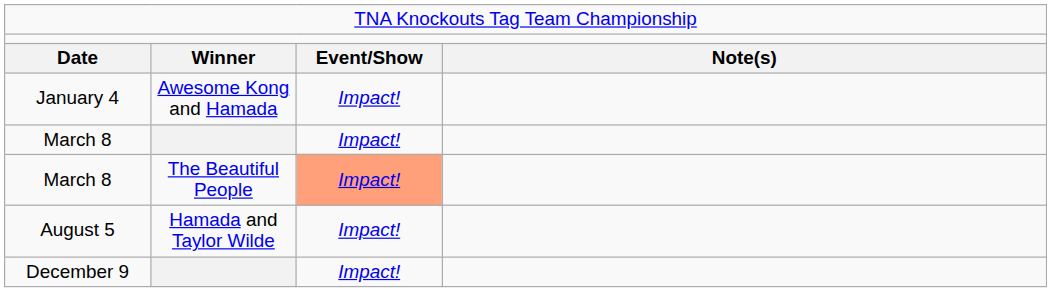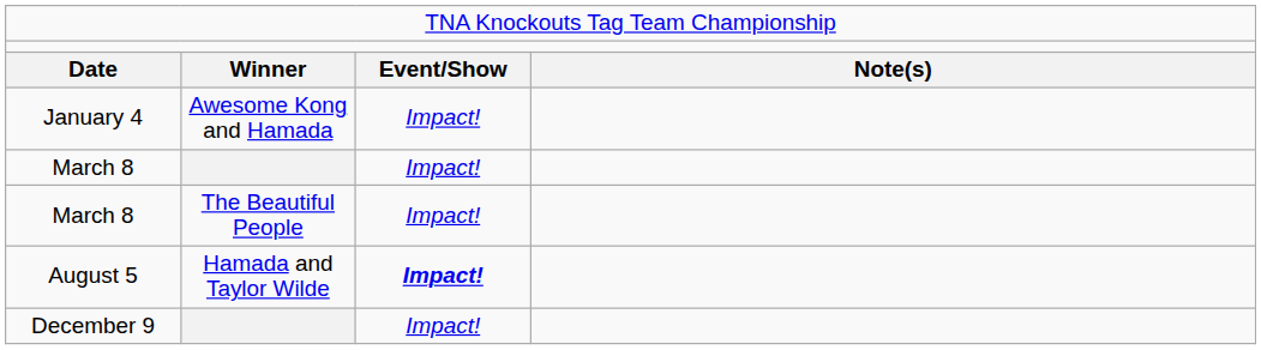 <table class="wikitable" style="text-align:center; width:100%;">
 <tr>
 <td colspan="5"><a href='#'>TNA Knockouts Tag Team Championship</a></td>
 </tr>
 <tr>
 <td colspan="5"><strong></strong></td>
 </tr>
 <tr>
 <th width="14%">Date</th>
 <th width="14%">Winner</th>
 <th width="14%">Event/Show</th>
 <th width="58%">Note(s)</th>
 </tr>
 <tr>
 <td>January 4</td>
 <td><a href='#'>Awesome Kong</a> and <a href='#'>Hamada</a></td>
 <td><em><a href='#'>Impact!</a></em></td>
 <td></td>
 </tr>
 <tr>
 <td>March 8</td>
 <th></th>
 <td><em><a href='#'>Impact!</a></em></td>
 <td></td>
 </tr>
 <tr>
 <td>March 8</td>
 <td><a href='#'>The Beautiful People</a><br></td>
-<td style="background: lightsalmon;"><em><a href='#'>Impact!</a></em></td>
+<td><em><a href='#'>Impact!</a></em></td>
 <td></td>
 </tr>
 <tr>
 <td>August 5</td>
 <td><a href='#'>Hamada</a> and <a href='#'>Taylor Wilde</a></td>
-<td><em><a href='#'>Impact!</a></em></td>
+<td><strong><em><a href='#'>Impact!</a></em></strong></td>
 <td></td>
 </tr>
 <tr>
 <td>December 9</td>
 <th></th>
 <td><em><a href='#'>Impact!</a></em></td>
 <td></td>
 </tr>
 </table>
